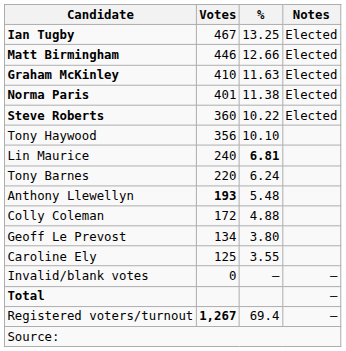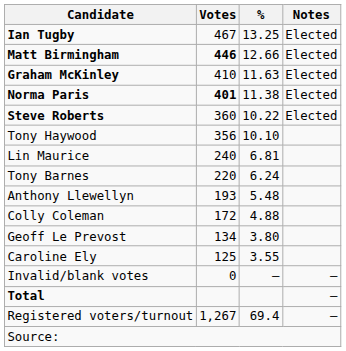 <table class=wikitable style=text-align:right>
 <tr>
 <th>Candidate</th>
 <th>Votes</th>
 <th>%</th>
 <th>Notes</th>
 </tr>
 <tr>
 <td align=left><strong>Ian Tugby</strong></td>
 <td>467</td>
 <td>13.25</td>
 <td>Elected</td>
 </tr>
 <tr>
 <td align=left><strong>Matt Birmingham</strong></td>
-<td>446</td>
+<td><strong>446</strong></td>
 <td>12.66</td>
 <td>Elected</td>
 </tr>
 <tr>
 <td align=left><strong>Graham McKinley</strong></td>
 <td>410</td>
 <td>11.63</td>
 <td>Elected</td>
 </tr>
 <tr>
 <td align=left><strong>Norma Paris</strong></td>
-<td>401</td>
+<td><strong>401</strong></td>
 <td>11.38</td>
 <td>Elected</td>
 </tr>
 <tr>
 <td align=left><strong>Steve Roberts</strong></td>
 <td>360</td>
 <td>10.22</td>
 <td>Elected</td>
 </tr>
 <tr>
 <td align=left>Tony Haywood</td>
 <td>356</td>
 <td>10.10</td>
 <td></td>
 </tr>
 <tr>
 <td align=left>Lin Maurice</td>
 <td>240</td>
-<td><strong>6.81</strong></td>
+<td>6.81</td>
 <td></td>
 </tr>
 <tr>
 <td align=left>Tony Barnes</td>
 <td>220</td>
 <td>6.24</td>
 <td></td>
 </tr>
 <tr>
 <td align=left>Anthony Llewellyn</td>
-<td><strong>193</strong></td>
+<td>193</td>
 <td>5.48</td>
 <td></td>
 </tr>
 <tr>
 <td align=left>Colly Coleman</td>
 <td>172</td>
 <td>4.88</td>
 <td></td>
 </tr>
 <tr>
 <td align=left>Geoff Le Prevost</td>
 <td>134</td>
 <td>3.80</td>
 <td></td>
 </tr>
 <tr>
 <td align=left>Caroline Ely</td>
 <td>125</td>
 <td>3.55</td>
 <td></td>
 </tr>
 <tr>
 <td align=left>Invalid/blank votes</td>
 <td>0</td>
 <td>–</td>
 <td>–</td>
 </tr>
 <tr>
 <td align=left><strong>Total</strong></td>
 <td></td>
 <td></td>
 <td>–</td>
 </tr>
 <tr>
 <td align=left>Registered voters/turnout</td>
-<td><strong>1,267</strong></td>
+<td>1,267</td>
 <td>69.4</td>
 <td>–</td>
 </tr>
 <tr>
 <td align=left colspan=4>Source: </td>
 </tr>
 </table>
